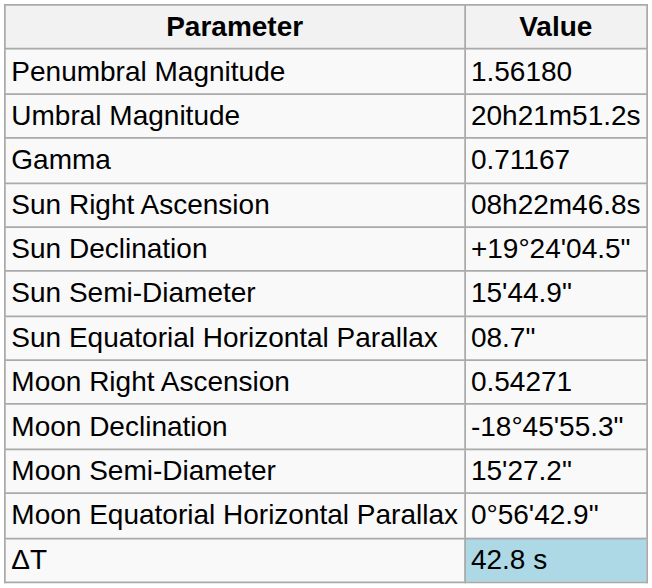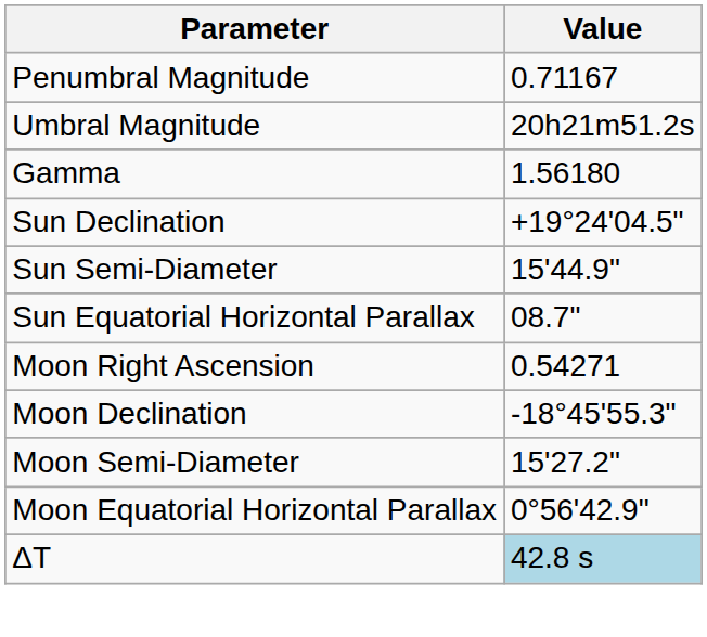 <table class="wikitable">
 <tr>
 <th>Parameter</th>
 <th>Value</th>
 </tr>
 <tr>
 <td>Penumbral Magnitude</td>
-<td>1.56180</td>
+<td>0.71167</td>
 </tr>
 <tr>
 <td>Umbral Magnitude</td>
 <td>20h21m51.2s</td>
 </tr>
 <tr>
 <td>Gamma</td>
-<td>0.71167</td>
-</tr>
-<tr>
-<td>Sun Right Ascension</td>
-<td>08h22m46.8s</td>
+<td>1.56180</td>
 </tr>
 <tr>
 <td>Sun Declination</td>
 <td>+19°24'04.5"</td>
 </tr>
 <tr>
 <td>Sun Semi-Diameter</td>
 <td>15'44.9"</td>
 </tr>
 <tr>
 <td>Sun Equatorial Horizontal Parallax</td>
 <td>08.7"</td>
 </tr>
 <tr>
 <td>Moon Right Ascension</td>
 <td>0.54271</td>
 </tr>
 <tr>
 <td>Moon Declination</td>
 <td>-18°45'55.3"</td>
 </tr>
 <tr>
 <td>Moon Semi-Diameter</td>
 <td>15'27.2"</td>
 </tr>
 <tr>
 <td>Moon Equatorial Horizontal Parallax</td>
 <td>0°56'42.9"</td>
 </tr>
 <tr>
 <td>ΔT</td>
 <td style="background: lightblue;">42.8 s</td>
 </tr>
 </table>
